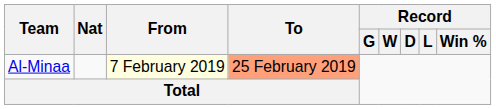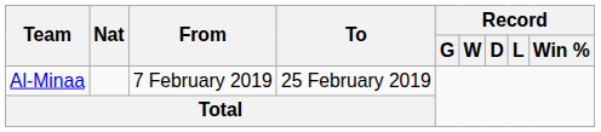 <table class="wikitable" style="text-align: center">
 <tr>
 <th rowspan="2">Team</th>
 <th rowspan="2">Nat</th>
 <th rowspan="2">From</th>
 <th rowspan="2">To</th>
 <th colspan="5">Record</th>
 </tr>
 <tr>
 <th>G</th>
 <th>W</th>
 <th>D</th>
 <th>L</th>
 <th>Win %</th>
 </tr>
 <tr>
 <td align=left><a href='#'>Al-Minaa</a></td>
 <td></td>
-<td align=left style="background: lightyellow;">7 February 2019</td>
-<td align=left style="background: lightsalmon;">25 February 2019<br></td>
+<td align=left>7 February 2019</td>
+<td align=left>25 February 2019<br></td>
 </tr>
 <tr>
 <th colspan="4" align="center" valign=middle>Total<br></th>
 </tr>
 </table>
